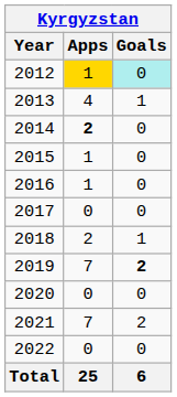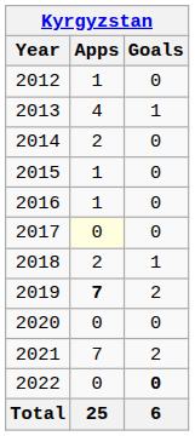 <table class="wikitable" style="text-align:center">
 <tr>
 <th colspan=3><a href='#'>Kyrgyzstan</a></th>
 </tr>
 <tr>
 <th>Year</th>
 <th>Apps</th>
 <th>Goals</th>
 </tr>
 <tr>
 <td>2012</td>
-<td style="background: gold;">1</td>
-<td style="background: paleturquoise;">0</td>
+<td>1</td>
+<td>0</td>
 </tr>
 <tr>
 <td>2013</td>
 <td>4</td>
 <td>1</td>
 </tr>
 <tr>
 <td>2014</td>
-<td><strong>2</strong></td>
+<td>2</td>
 <td>0</td>
 </tr>
 <tr>
 <td>2015</td>
 <td>1</td>
 <td>0</td>
 </tr>
 <tr>
 <td>2016</td>
 <td>1</td>
 <td>0</td>
 </tr>
 <tr>
 <td>2017</td>
-<td>0</td>
+<td style="background: lightyellow;">0</td>
 <td>0</td>
 </tr>
 <tr>
 <td>2018</td>
 <td>2</td>
 <td>1</td>
 </tr>
 <tr>
 <td>2019</td>
-<td>7</td>
-<td><strong>2</strong></td>
+<td><strong>7</strong></td>
+<td>2</td>
 </tr>
 <tr>
 <td>2020</td>
 <td>0</td>
 <td>0</td>
 </tr>
 <tr>
 <td>2021</td>
 <td>7</td>
 <td>2</td>
 </tr>
 <tr>
 <td>2022</td>
 <td>0</td>
-<td>0</td>
+<td><strong>0</strong></td>
 </tr>
 <tr>
 <th>Total</th>
 <th>25</th>
 <th>6</th>
 </tr>
 </table>
